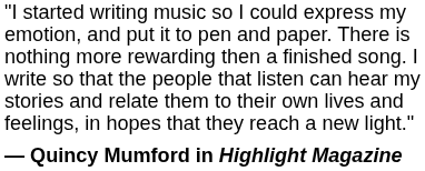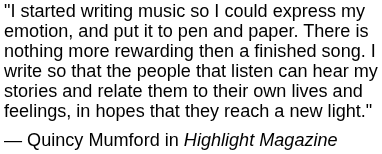 <table class="toccolours" style="float: left; margin-left: 0em; margin-right: 2em; font-size: 85%; background:offwhite; color:black; width:22em; max-width: 40%;" cellspacing="5">
 <tr>
 <td style="text-align: left;">"I started writing music so I could express my emotion, and put it to pen and paper. There is nothing more rewarding then a finished song. I write so that the people that listen can hear my stories and relate them to their own lives and feelings, in hopes that they reach a new light."</td>
 </tr>
 <tr>
-<td style="text-align: left;"><strong>— Quincy Mumford in <em>Highlight Magazine</em></strong></td>
+<td style="text-align: left;">— Quincy Mumford in <em>Highlight Magazine</em></td>
 </tr>
 </table>
